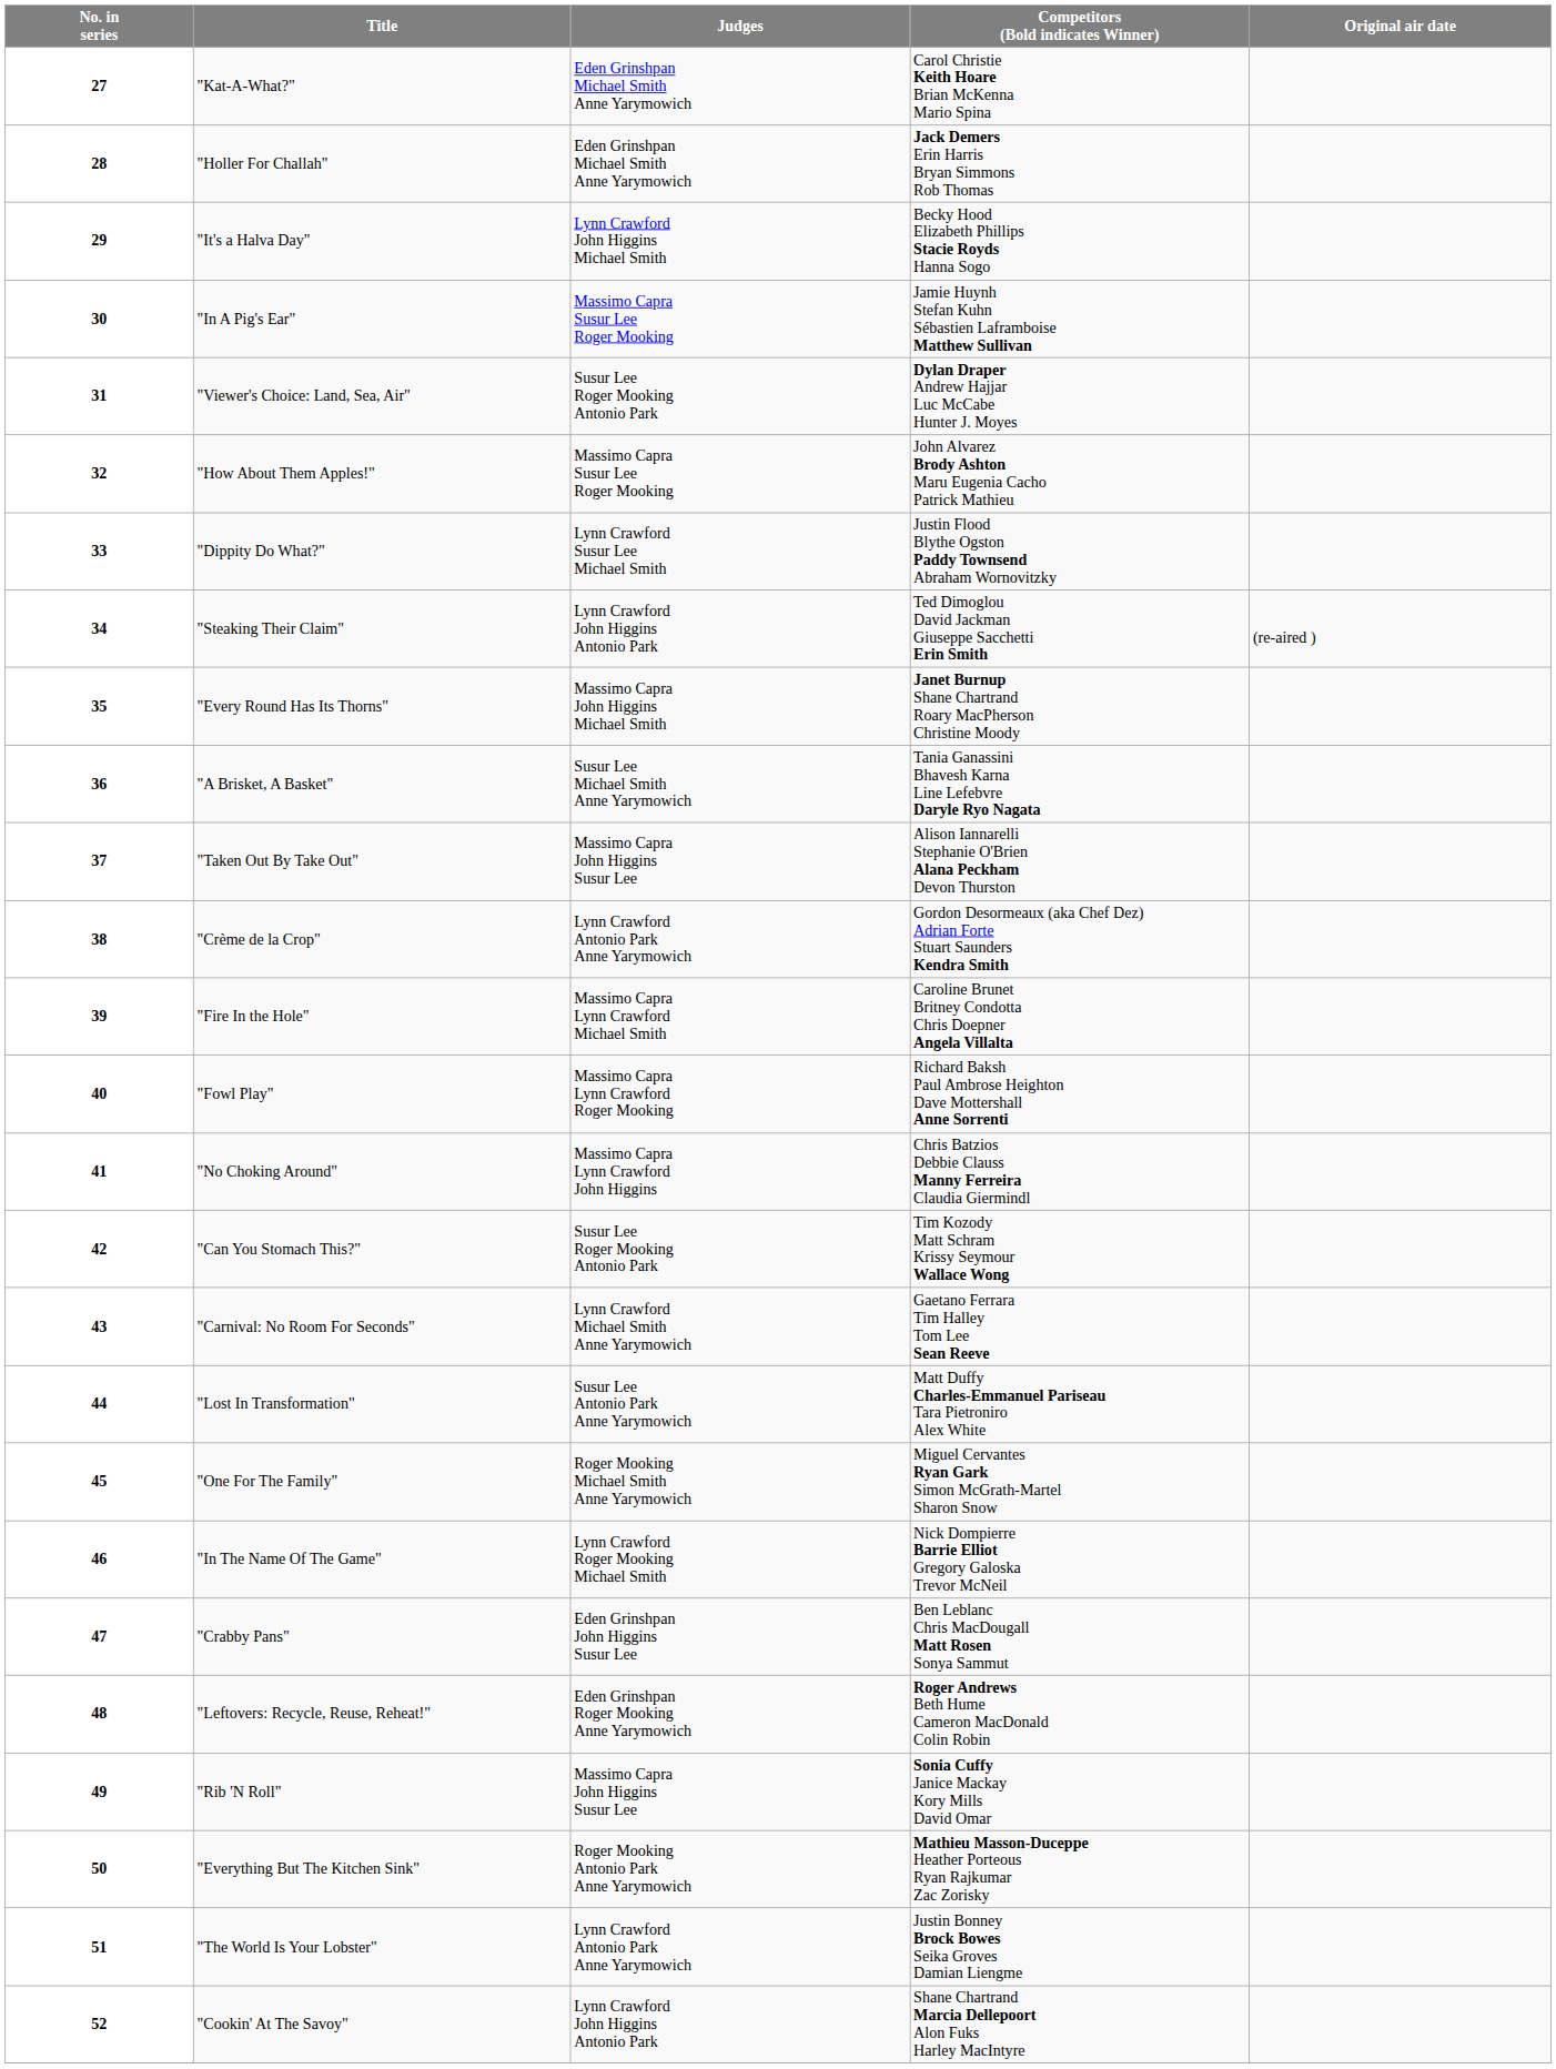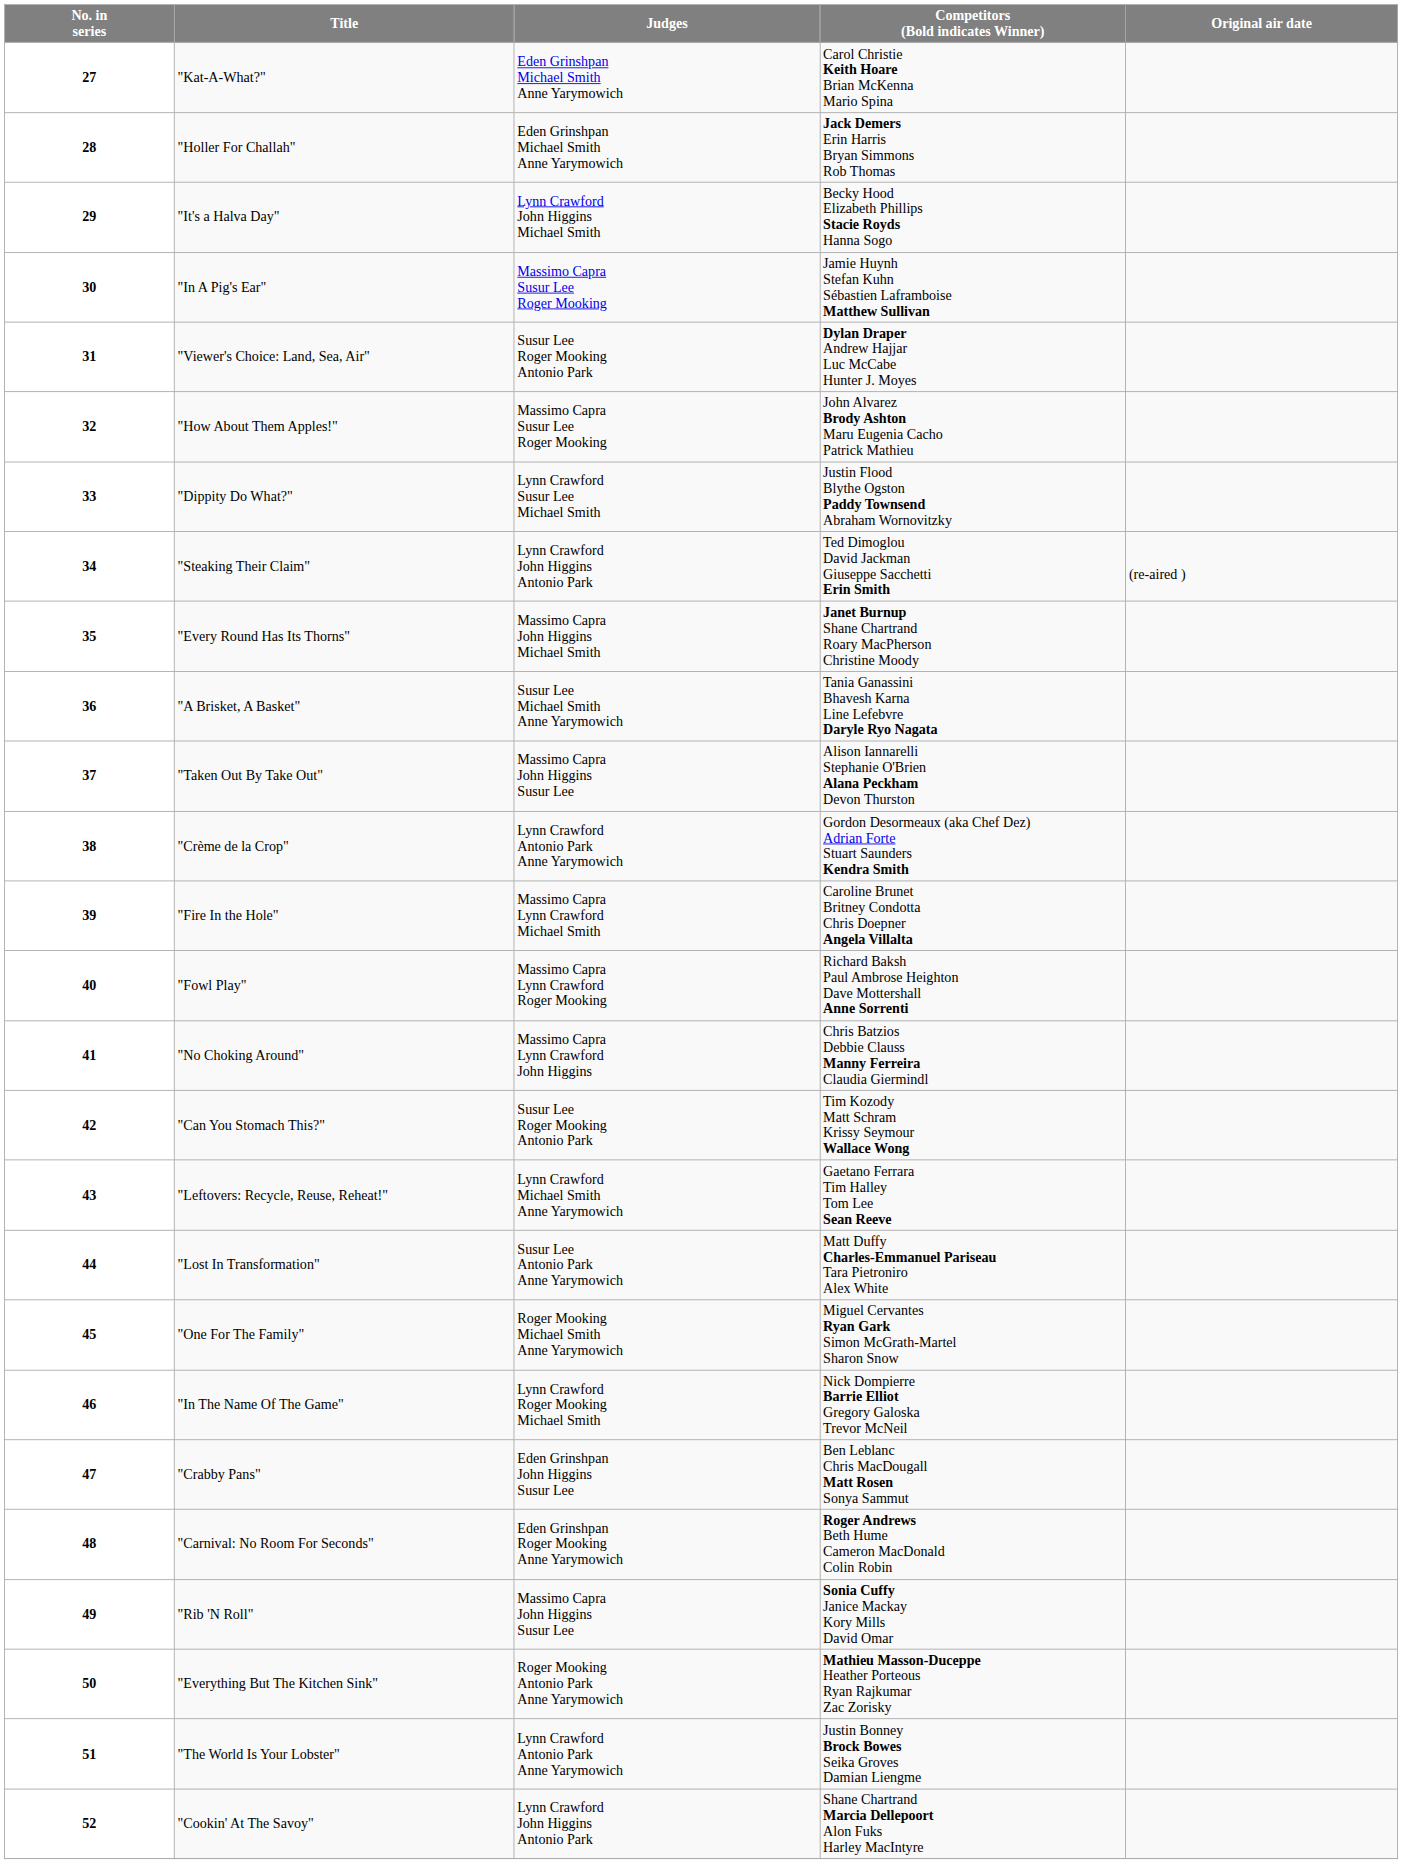 <table class="wikitable" style="width:100%;margin:auto;">
 <tr>
 <th scope="col" style="background-color:#808080;color:white;width:10%;">No. in<br>series</th>
 <th scope="col" style="background-color:#808080;color:white;width:20%;">Title<br></th>
 <th scope="col" style="background-color:#808080;color:white;width:18%;">Judges<br></th>
 <th scope="col" style="background-color:#808080;color:white;width:18%;">Competitors<br><span>(<strong>Bold</strong> indicates Winner)</span></th>
 <th scope="col" style="background-color:#808080;color:white;width:16%;">Original air date<br></th>
 </tr>
 <tr>
 <th scope="row" style="background-color:white">27</th>
 <td>"Kat-A-What?"</td>
 <td><a href='#'>Eden Grinshpan</a><br><a href='#'>Michael Smith</a><br>Anne Yarymowich</td>
 <td>Carol Christie<br><strong>Keith Hoare</strong><br>Brian McKenna<br>Mario Spina</td>
 <td></td>
 </tr>
 <tr>
 <th scope="row" style="background-color:white">28</th>
 <td>"Holler For Challah"</td>
 <td>Eden Grinshpan<br>Michael Smith<br>Anne Yarymowich</td>
 <td><strong>Jack Demers</strong><br>Erin Harris<br>Bryan Simmons<br>Rob Thomas</td>
 <td></td>
 </tr>
 <tr>
 <th scope="row" style="background-color:white">29</th>
 <td>"It's a Halva Day"</td>
 <td><a href='#'>Lynn Crawford</a><br>John Higgins<br>Michael Smith</td>
 <td>Becky Hood<br>Elizabeth Phillips<br><strong>Stacie Royds</strong><br>Hanna Sogo</td>
 <td></td>
 </tr>
 <tr>
 <th scope="row" style="background-color:white">30</th>
 <td>"In A Pig's Ear"</td>
 <td><a href='#'>Massimo Capra</a><br><a href='#'>Susur Lee</a><br><a href='#'>Roger Mooking</a></td>
 <td>Jamie Huynh<br>Stefan Kuhn<br>Sébastien Laframboise<br><strong>Matthew Sullivan</strong></td>
 <td></td>
 </tr>
 <tr>
 <th scope="row" style="background-color:white">31</th>
 <td>"Viewer's Choice: Land, Sea, Air"</td>
 <td>Susur Lee<br>Roger Mooking<br>Antonio Park</td>
 <td><strong>Dylan Draper</strong><br>Andrew Hajjar<br>Luc McCabe<br>Hunter J. Moyes</td>
 <td></td>
 </tr>
 <tr>
 <th scope="row" style="background-color:white">32</th>
 <td>"How About Them Apples!"</td>
 <td>Massimo Capra<br>Susur Lee<br>Roger Mooking</td>
 <td>John Alvarez<br><strong>Brody Ashton</strong><br>Maru Eugenia Cacho<br>Patrick Mathieu</td>
 <td></td>
 </tr>
 <tr>
 <th scope="row" style="background-color:white">33</th>
 <td>"Dippity Do What?"</td>
 <td>Lynn Crawford<br>Susur Lee<br>Michael Smith</td>
 <td>Justin Flood<br>Blythe Ogston<br><strong>Paddy Townsend</strong><br>Abraham Wornovitzky</td>
 <td></td>
 </tr>
 <tr>
 <th scope="row" style="background-color:white">34</th>
 <td>"Steaking Their Claim"</td>
 <td>Lynn Crawford<br>John Higgins<br>Antonio Park</td>
 <td>Ted Dimoglou<br>David Jackman<br>Giuseppe Sacchetti<br><strong>Erin Smith</strong></td>
 <td><br>(re-aired )</td>
 </tr>
 <tr>
 <th scope="row" style="background-color:white">35</th>
 <td>"Every Round Has Its Thorns"</td>
 <td>Massimo Capra<br>John Higgins<br>Michael Smith</td>
 <td><strong>Janet Burnup</strong><br>Shane Chartrand<br>Roary MacPherson<br>Christine Moody</td>
 <td></td>
 </tr>
 <tr>
 <th scope="row" style="background-color:white">36</th>
 <td>"A Brisket, A Basket"</td>
 <td>Susur Lee<br>Michael Smith<br>Anne Yarymowich</td>
 <td>Tania Ganassini<br>Bhavesh Karna<br>Line Lefebvre<br><strong>Daryle Ryo Nagata</strong></td>
 <td></td>
 </tr>
 <tr>
 <th scope="row" style="background-color:white">37</th>
 <td>"Taken Out By Take Out"</td>
 <td>Massimo Capra<br>John Higgins<br>Susur Lee</td>
 <td>Alison Iannarelli<br>Stephanie O'Brien<br><strong>Alana Peckham</strong><br>Devon Thurston</td>
 <td></td>
 </tr>
 <tr>
 <th scope="row" style="background-color:white">38</th>
 <td>"Crème de la Crop"</td>
 <td>Lynn Crawford<br>Antonio Park<br>Anne Yarymowich</td>
 <td>Gordon Desormeaux (aka Chef Dez)<br><a href='#'>Adrian Forte</a><br>Stuart Saunders<br><strong>Kendra Smith</strong></td>
 <td></td>
 </tr>
 <tr>
 <th scope="row" style="background-color:white">39</th>
 <td>"Fire In the Hole"</td>
 <td>Massimo Capra<br>Lynn Crawford<br>Michael Smith</td>
 <td>Caroline Brunet<br>Britney Condotta<br>Chris Doepner<br><strong>Angela Villalta</strong></td>
 <td></td>
 </tr>
 <tr>
 <th scope="row" style="background-color:white">40</th>
 <td>"Fowl Play"</td>
 <td>Massimo Capra<br>Lynn Crawford<br>Roger Mooking</td>
 <td>Richard Baksh<br>Paul Ambrose Heighton<br>Dave Mottershall<br><strong>Anne Sorrenti</strong></td>
 <td></td>
 </tr>
 <tr>
 <th scope="row" style="background-color:white">41</th>
 <td>"No Choking Around"</td>
 <td>Massimo Capra<br>Lynn Crawford<br>John Higgins</td>
 <td>Chris Batzios<br>Debbie Clauss<br><strong>Manny Ferreira</strong><br>Claudia Giermindl</td>
 <td></td>
 </tr>
 <tr>
 <th scope="row" style="background-color:white">42</th>
 <td>"Can You Stomach This?"</td>
 <td>Susur Lee<br>Roger Mooking<br>Antonio Park</td>
 <td>Tim Kozody<br>Matt Schram<br>Krissy Seymour<br><strong>Wallace Wong</strong></td>
 <td></td>
 </tr>
 <tr>
 <th scope="row" style="background-color:white">43</th>
-<td>"Carnival: No Room For Seconds"</td>
+<td>"Leftovers: Recycle, Reuse, Reheat!"</td>
 <td>Lynn Crawford<br>Michael Smith<br>Anne Yarymowich</td>
 <td>Gaetano Ferrara<br>Tim Halley<br>Tom Lee<br><strong>Sean Reeve</strong></td>
 <td></td>
 </tr>
 <tr>
 <th scope="row" style="background-color:white">44</th>
 <td>"Lost In Transformation"</td>
 <td>Susur Lee<br>Antonio Park<br>Anne Yarymowich</td>
 <td>Matt Duffy<br><strong>Charles-Emmanuel Pariseau</strong><br>Tara Pietroniro<br>Alex White</td>
 <td></td>
 </tr>
 <tr>
 <th scope="row" style="background-color:white">45</th>
 <td>"One For The Family"</td>
 <td>Roger Mooking<br>Michael Smith<br>Anne Yarymowich</td>
 <td>Miguel Cervantes<br><strong>Ryan Gark</strong><br>Simon McGrath-Martel<br>Sharon Snow</td>
 <td></td>
 </tr>
 <tr>
 <th scope="row" style="background-color:white">46</th>
 <td>"In The Name Of The Game"</td>
 <td>Lynn Crawford<br>Roger Mooking<br>Michael Smith</td>
 <td>Nick Dompierre<br><strong>Barrie Elliot</strong><br>Gregory Galoska<br>Trevor McNeil</td>
 <td></td>
 </tr>
 <tr>
 <th scope="row" style="background-color:white">47</th>
 <td>"Crabby Pans"</td>
 <td>Eden Grinshpan<br>John Higgins<br>Susur Lee</td>
 <td>Ben Leblanc<br>Chris MacDougall<br><strong>Matt Rosen</strong><br>Sonya Sammut</td>
 <td></td>
 </tr>
 <tr>
 <th scope="row" style="background-color:white">48</th>
-<td>"Leftovers: Recycle, Reuse, Reheat!"</td>
+<td>"Carnival: No Room For Seconds"</td>
 <td>Eden Grinshpan<br>Roger Mooking<br>Anne Yarymowich</td>
 <td><strong>Roger Andrews</strong><br>Beth Hume<br>Cameron MacDonald<br>Colin Robin</td>
 <td></td>
 </tr>
 <tr>
 <th scope="row" style="background-color:white">49</th>
 <td>"Rib 'N Roll"</td>
 <td>Massimo Capra<br>John Higgins<br>Susur Lee</td>
 <td><strong>Sonia Cuffy</strong><br>Janice Mackay<br>Kory Mills<br>David Omar</td>
 <td></td>
 </tr>
 <tr>
 <th scope="row" style="background-color:white">50</th>
 <td>"Everything But The Kitchen Sink"</td>
 <td>Roger Mooking<br>Antonio Park<br>Anne Yarymowich</td>
 <td><strong>Mathieu Masson-Duceppe</strong><br>Heather Porteous<br>Ryan Rajkumar<br>Zac Zorisky</td>
 <td></td>
 </tr>
 <tr>
 <th scope="row" style="background-color:white">51</th>
 <td>"The World Is Your Lobster"</td>
 <td>Lynn Crawford<br>Antonio Park<br>Anne Yarymowich</td>
 <td>Justin Bonney<br><strong>Brock Bowes</strong><br>Seika Groves<br>Damian Liengme</td>
 <td></td>
 </tr>
 <tr>
 <th scope="row" style="background-color:white">52</th>
 <td>"Cookin' At The Savoy"</td>
 <td>Lynn Crawford<br>John Higgins<br>Antonio Park</td>
 <td>Shane Chartrand<br><strong>Marcia Dellepoort</strong><br>Alon Fuks<br>Harley MacIntyre</td>
 <td></td>
 </tr>
 <tr>
 </tr>
 </table>
